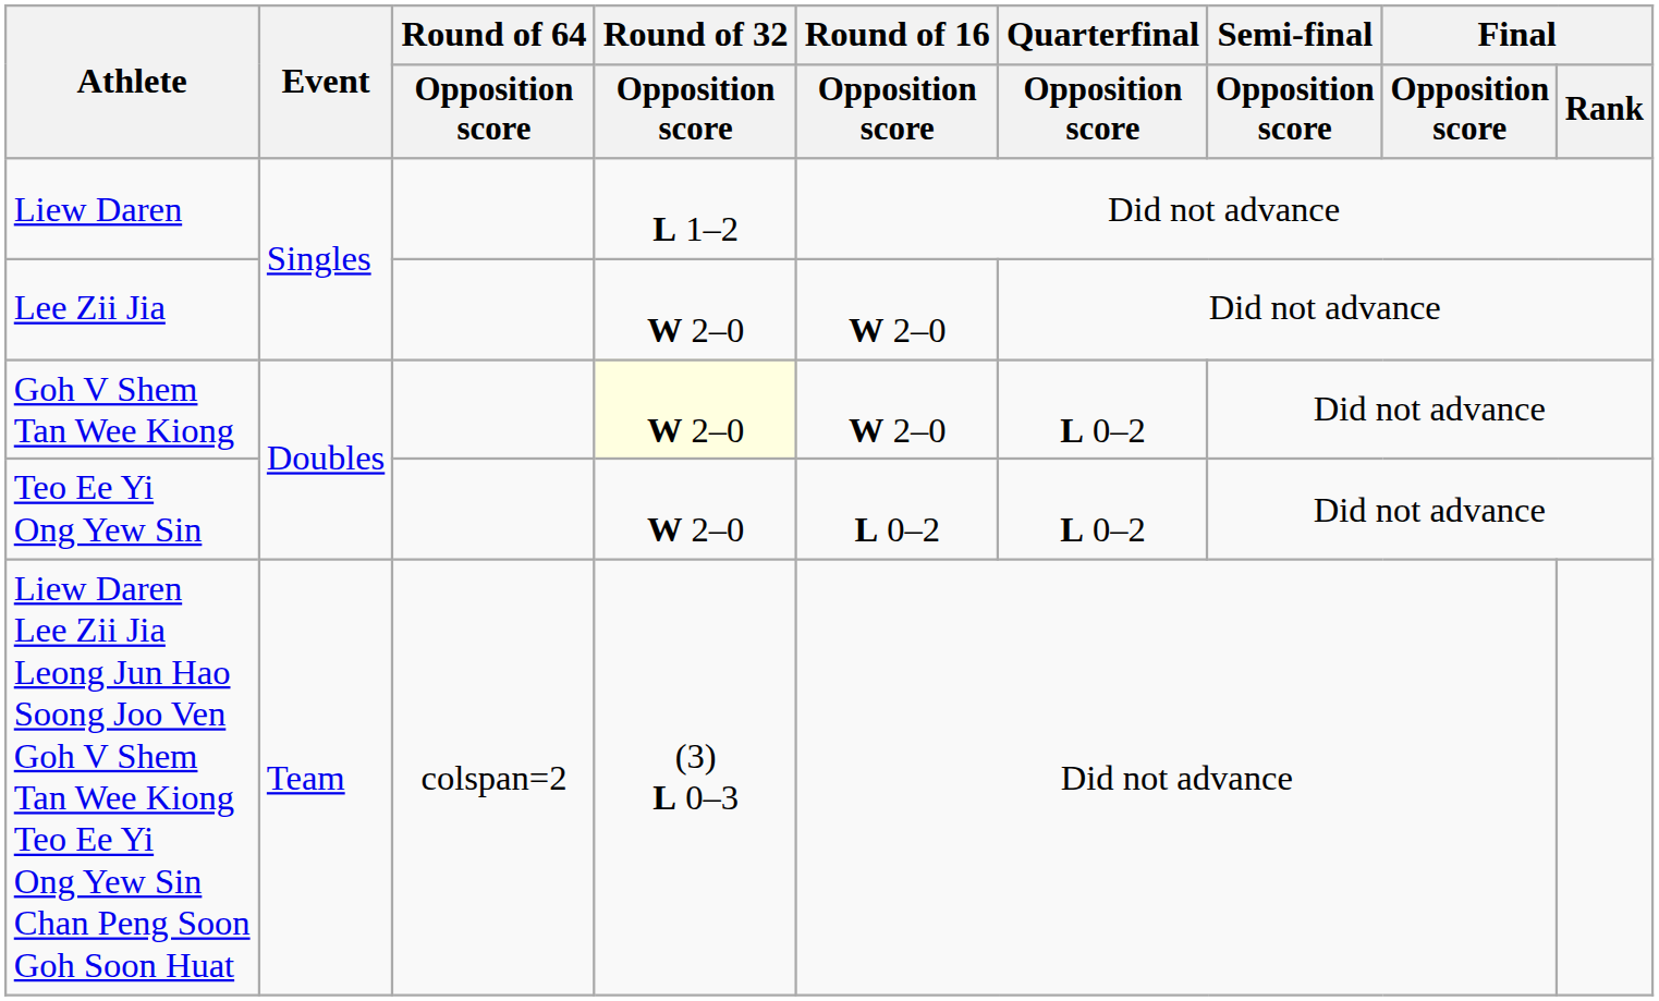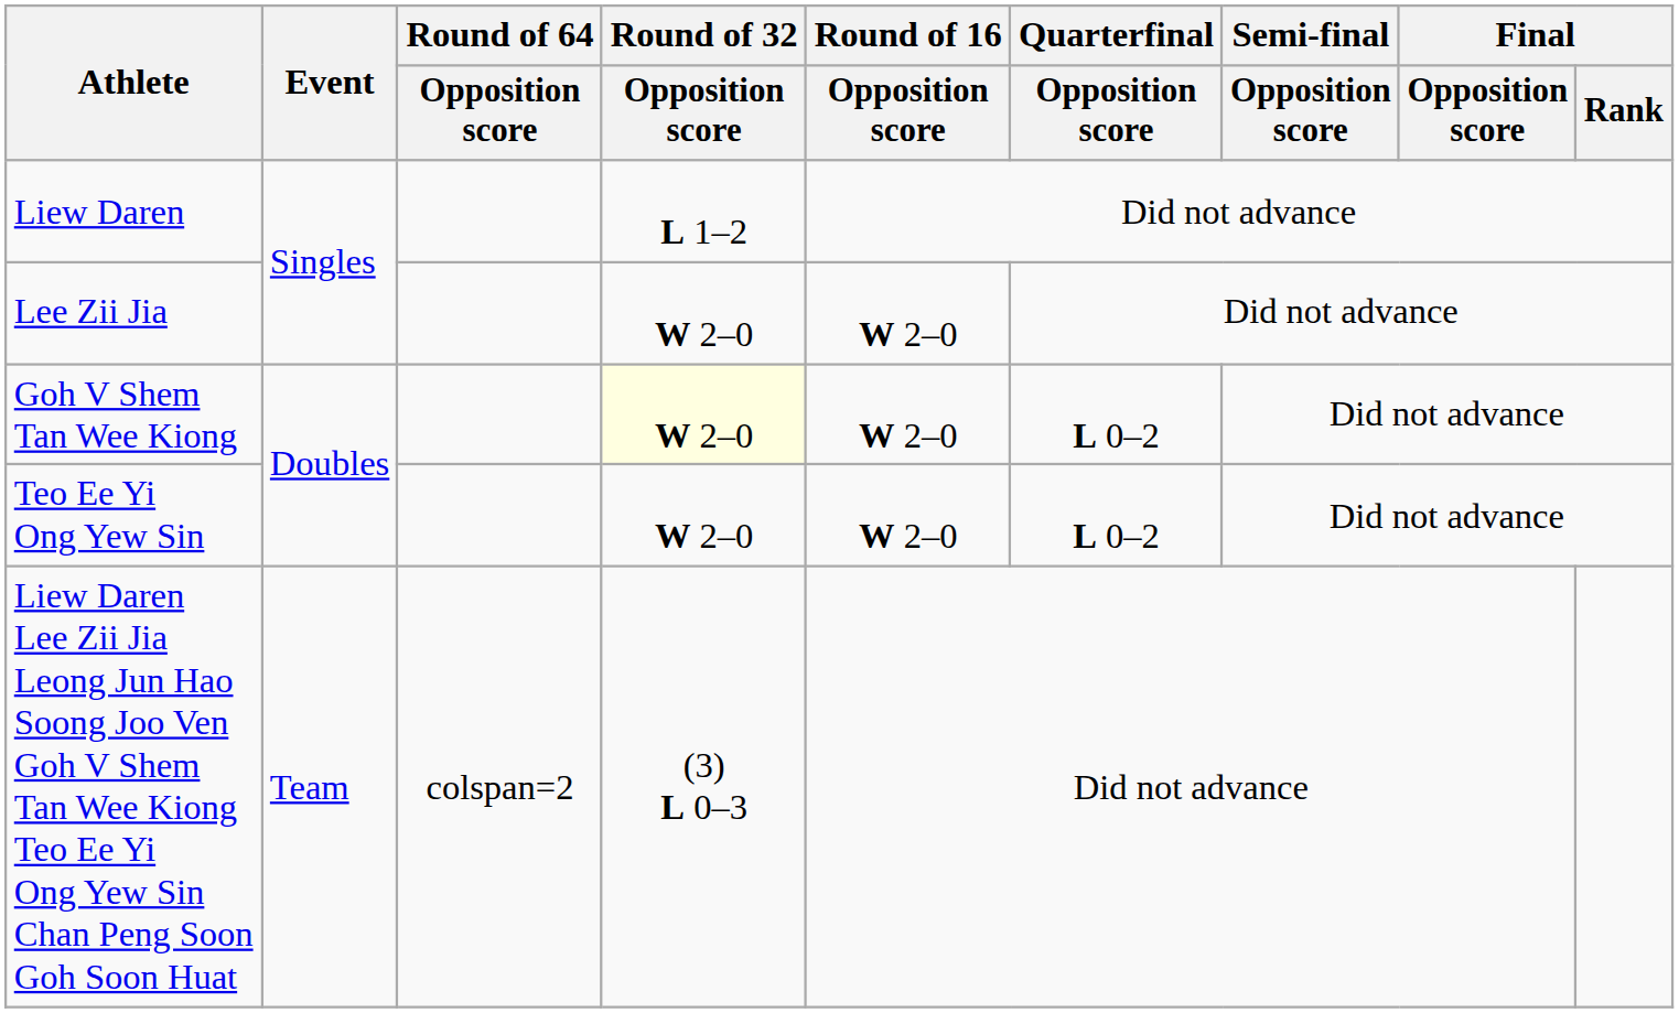 <table class=wikitable style="font-size:90%; text-align:center">
 <tr>
 <th rowspan="2">Athlete</th>
 <th rowspan="2">Event</th>
 <th>Round of 64</th>
 <th>Round of 32</th>
 <th>Round of 16</th>
 <th>Quarterfinal</th>
 <th>Semi-final</th>
 <th colspan="2">Final</th>
 </tr>
 <tr style="font-size:95%">
 <th>Opposition<br> score</th>
 <th>Opposition<br> score</th>
 <th>Opposition<br> score</th>
 <th>Opposition<br> score</th>
 <th>Opposition<br> score</th>
 <th>Opposition<br> score</th>
 <th>Rank</th>
 </tr>
 <tr>
 <td align="left"><a href='#'>Liew Daren</a></td>
 <td align="left" rowspan="2"><a href='#'>Singles</a></td>
 <td></td>
 <td><br><strong>L</strong> 1–2</td>
 <td colspan="5">Did not advance</td>
 </tr>
 <tr>
 <td align="left"><a href='#'>Lee Zii Jia</a></td>
 <td></td>
 <td><br><strong>W</strong> 2–0</td>
 <td><br><strong>W</strong> 2–0</td>
 <td colspan="4">Did not advance</td>
 </tr>
 <tr>
 <td align="left"><a href='#'>Goh V Shem</a><br><a href='#'>Tan Wee Kiong</a></td>
 <td align="left" rowspan="2"><a href='#'>Doubles</a></td>
 <td></td>
 <td style="background: lightyellow;"><br><strong>W</strong> 2–0</td>
 <td><br><strong>W</strong> 2–0</td>
 <td><br><strong>L</strong> 0–2</td>
 <td colspan="3">Did not advance</td>
 </tr>
 <tr>
 <td align="left"><a href='#'>Teo Ee Yi</a><br><a href='#'>Ong Yew Sin</a></td>
 <td></td>
 <td><br><strong>W</strong> 2–0</td>
-<td><br><strong>L</strong> 0–2</td>
+<td><br><strong>W</strong> 2–0</td>
 <td><br><strong>L</strong> 0–2</td>
 <td colspan="3">Did not advance</td>
 </tr>
 <tr>
 <td align="left"><a href='#'>Liew Daren</a><br><a href='#'>Lee Zii Jia</a><br><a href='#'>Leong Jun Hao</a><br><a href='#'>Soong Joo Ven</a><br><a href='#'>Goh V Shem</a><br><a href='#'>Tan Wee Kiong</a><br><a href='#'>Teo Ee Yi</a><br><a href='#'>Ong Yew Sin</a><br><a href='#'>Chan Peng Soon</a><br><a href='#'>Goh Soon Huat</a></td>
 <td align="left"><a href='#'>Team</a></td>
 <td>colspan=2 </td>
 <td> (3)<br><strong>L</strong> 0–3</td>
 <td colspan="4">Did not advance</td>
 </tr>
 </table>
